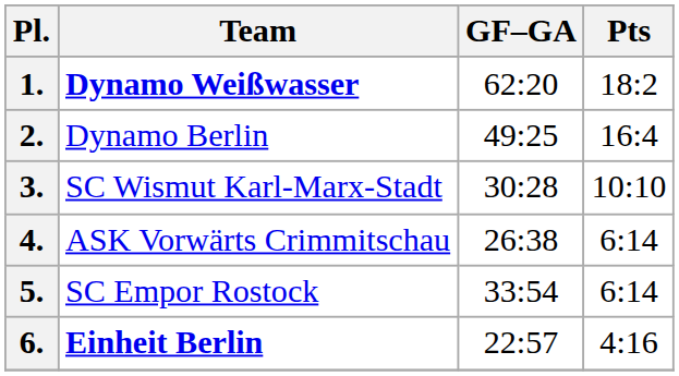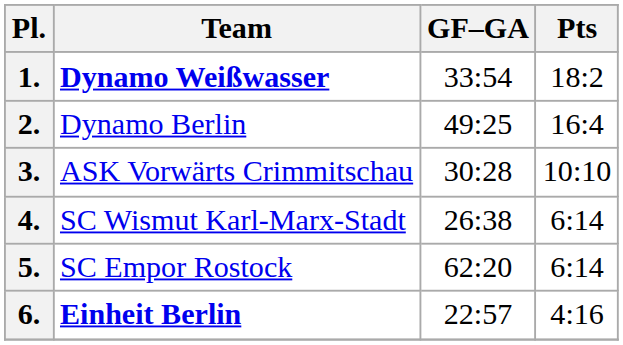 <table class="wikitable">
 <tr>
 <th>Pl.</th>
 <th>Team</th>
 <th>GF–GA</th>
 <th>Pts</th>
 </tr>
 <tr align="left" valign="top" bgcolor="#ffffff">
 <th>1.</th>
 <td><strong><a href='#'>Dynamo Weißwasser</a></strong></td>
-<td align="center">62:20</td>
+<td align="center">33:54</td>
 <td align="center">18:2</td>
 </tr>
 <tr align="left" valign="top" bgcolor="#ffffff">
 <th>2.</th>
 <td><a href='#'>Dynamo Berlin</a></td>
 <td align="center">49:25</td>
 <td align="center">16:4</td>
 </tr>
 <tr align="left" valign="top" bgcolor="#ffffff">
 <th>3.</th>
-<td><a href='#'>SC Wismut Karl-Marx-Stadt</a></td>
+<td><a href='#'>ASK Vorwärts Crimmitschau</a></td>
 <td align="center">30:28</td>
 <td align="center">10:10</td>
 </tr>
 <tr align="left" valign="top" bgcolor="#ffffff">
 <th>4.</th>
-<td><a href='#'>ASK Vorwärts Crimmitschau</a></td>
+<td><a href='#'>SC Wismut Karl-Marx-Stadt</a></td>
 <td align="center">26:38</td>
 <td align="center">6:14</td>
 </tr>
 <tr align="left" valign="top" bgcolor="#ffffff">
 <th>5.</th>
 <td><a href='#'>SC Empor Rostock</a></td>
-<td align="center">33:54</td>
+<td align="center">62:20</td>
 <td align="center">6:14</td>
 </tr>
 <tr align="left" valign="top" bgcolor="#ffffff">
 <th>6.</th>
 <td><strong><a href='#'>Einheit Berlin</a></strong></td>
 <td align="center">22:57</td>
 <td align="center">4:16</td>
 </tr>
 <tr align="left" valign="top" bgcolor="#ffffff">
 </tr>
 </table>
